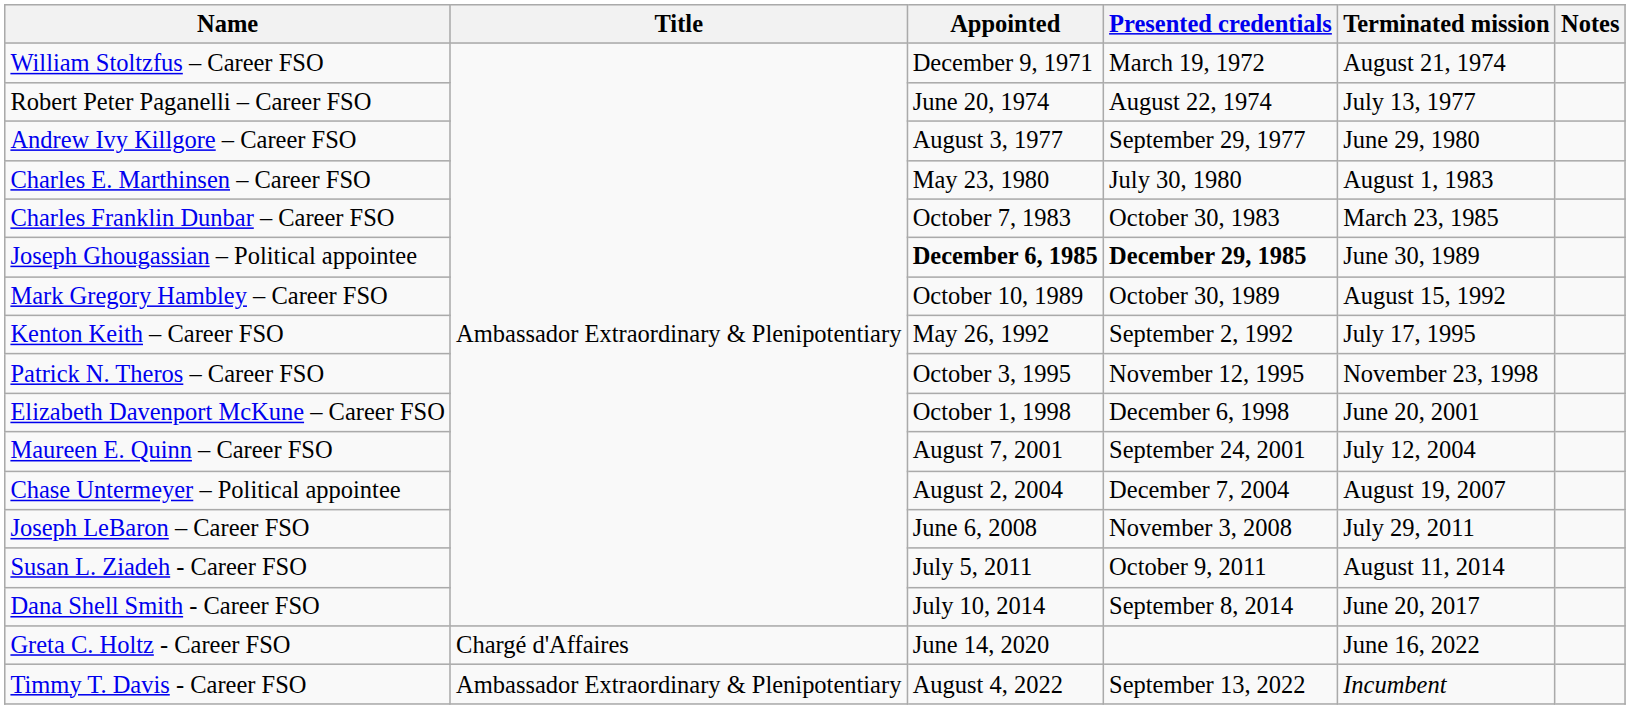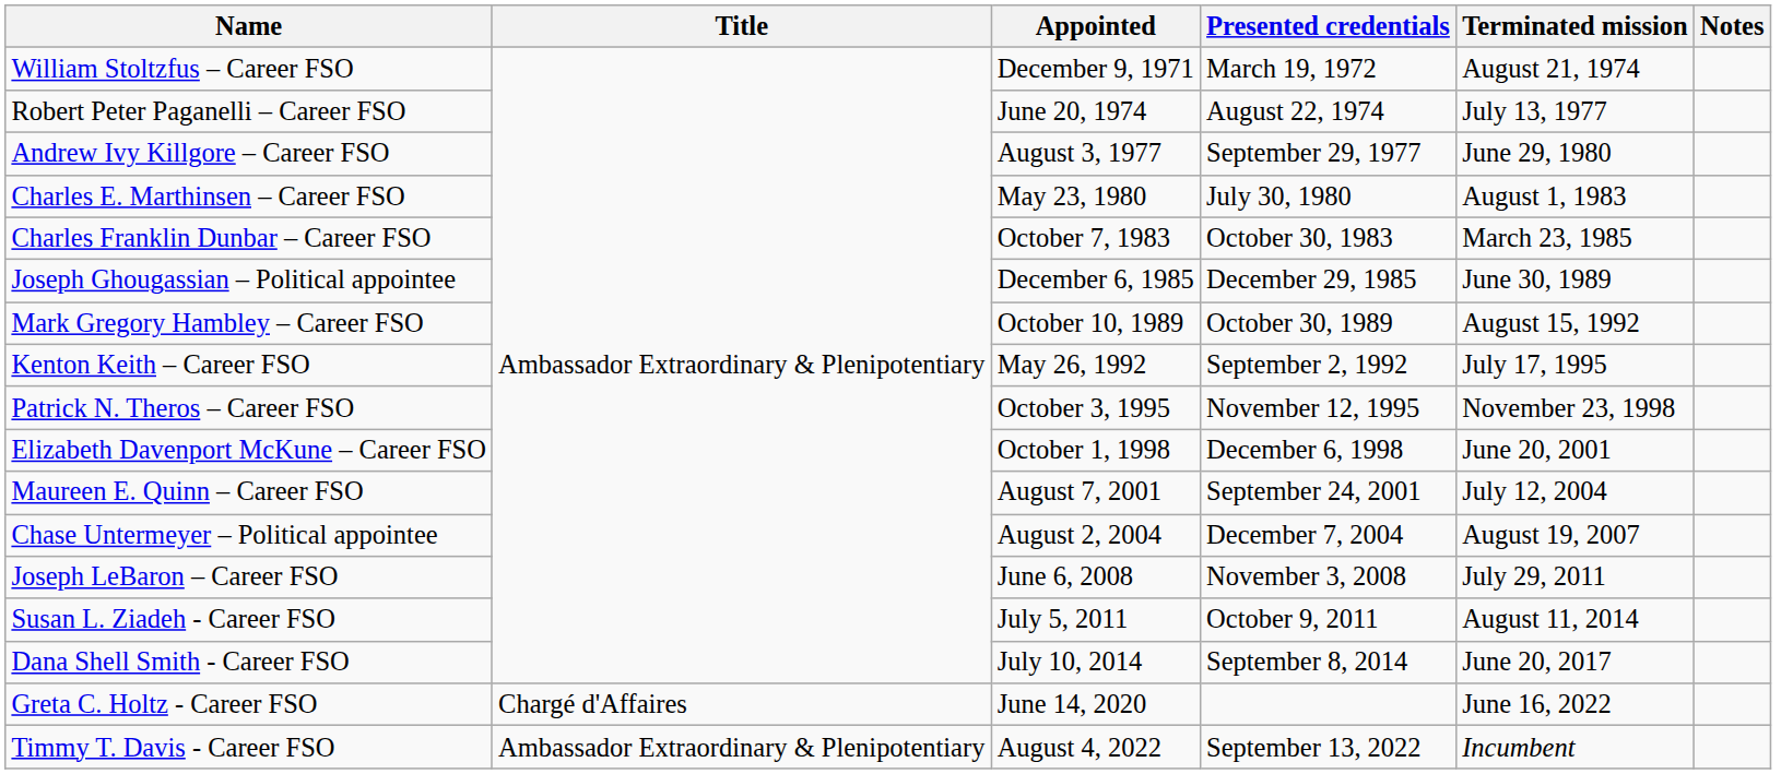 <table class="wikitable">
 <tr>
 <th>Name</th>
 <th>Title</th>
 <th>Appointed</th>
 <th><a href='#'>Presented credentials</a></th>
 <th>Terminated mission</th>
 <th>Notes</th>
 </tr>
 <tr>
 <td><a href='#'>William Stoltzfus</a> – Career FSO</td>
 <td rowspan="15">Ambassador Extraordinary & Plenipotentiary</td>
 <td>December 9, 1971</td>
 <td>March 19, 1972</td>
 <td>August 21, 1974</td>
 <td></td>
 </tr>
 <tr>
 <td>Robert Peter Paganelli – Career FSO</td>
 <td>June 20, 1974</td>
 <td>August 22, 1974</td>
 <td>July 13, 1977</td>
 <td></td>
 </tr>
 <tr>
 <td><a href='#'>Andrew Ivy Killgore</a> – Career FSO</td>
 <td>August 3, 1977</td>
 <td>September 29, 1977</td>
 <td>June 29, 1980</td>
 <td></td>
 </tr>
 <tr>
 <td><a href='#'>Charles E. Marthinsen</a> – Career FSO</td>
 <td>May 23, 1980</td>
 <td>July 30, 1980</td>
 <td>August 1, 1983</td>
 <td></td>
 </tr>
 <tr>
 <td><a href='#'>Charles Franklin Dunbar</a> – Career FSO</td>
 <td>October 7, 1983</td>
 <td>October 30, 1983</td>
 <td>March 23, 1985</td>
 <td></td>
 </tr>
 <tr>
 <td><a href='#'>Joseph Ghougassian</a> – Political appointee</td>
-<td><strong>December 6, 1985</strong></td>
-<td><strong>December 29, 1985</strong></td>
+<td>December 6, 1985</td>
+<td>December 29, 1985</td>
 <td>June 30, 1989</td>
 <td></td>
 </tr>
 <tr>
 <td><a href='#'>Mark Gregory Hambley</a> – Career FSO</td>
 <td>October 10, 1989</td>
 <td>October 30, 1989</td>
 <td>August 15, 1992</td>
 <td></td>
 </tr>
 <tr>
 <td><a href='#'>Kenton Keith</a> – Career FSO</td>
 <td>May 26, 1992</td>
 <td>September 2, 1992</td>
 <td>July 17, 1995</td>
 <td></td>
 </tr>
 <tr>
 <td><a href='#'>Patrick N. Theros</a> – Career FSO</td>
 <td>October 3, 1995</td>
 <td>November 12, 1995</td>
 <td>November 23, 1998</td>
 <td></td>
 </tr>
 <tr>
 <td><a href='#'>Elizabeth Davenport McKune</a> – Career FSO</td>
 <td>October 1, 1998</td>
 <td>December 6, 1998</td>
 <td>June 20, 2001</td>
 <td></td>
 </tr>
 <tr>
 <td><a href='#'>Maureen E. Quinn</a> – Career FSO</td>
 <td>August 7, 2001</td>
 <td>September 24, 2001</td>
 <td>July 12, 2004</td>
 <td></td>
 </tr>
 <tr>
 <td><a href='#'>Chase Untermeyer</a> – Political appointee</td>
 <td>August 2, 2004</td>
 <td>December 7, 2004</td>
 <td>August 19, 2007</td>
 <td></td>
 </tr>
 <tr>
 <td><a href='#'>Joseph LeBaron</a> – Career FSO</td>
 <td>June 6, 2008</td>
 <td>November 3, 2008</td>
 <td>July 29, 2011</td>
 <td></td>
 </tr>
 <tr>
 <td><a href='#'>Susan L. Ziadeh</a> - Career FSO</td>
 <td>July 5, 2011</td>
 <td>October 9, 2011</td>
 <td>August 11, 2014</td>
 <td></td>
 </tr>
 <tr>
 <td><a href='#'>Dana Shell Smith</a> - Career FSO</td>
 <td>July 10, 2014</td>
 <td>September 8, 2014</td>
 <td>June 20, 2017</td>
 <td></td>
 </tr>
 <tr>
 <td><a href='#'>Greta C. Holtz</a> - Career FSO</td>
 <td>Chargé d'Affaires</td>
 <td>June 14, 2020</td>
 <td></td>
 <td>June 16, 2022</td>
 <td></td>
 </tr>
 <tr>
 <td><a href='#'>Timmy T. Davis</a> - Career FSO</td>
 <td>Ambassador Extraordinary & Plenipotentiary</td>
 <td>August 4, 2022</td>
 <td>September 13, 2022</td>
 <td><em>Incumbent</em></td>
 <td></td>
 </tr>
 </table>
